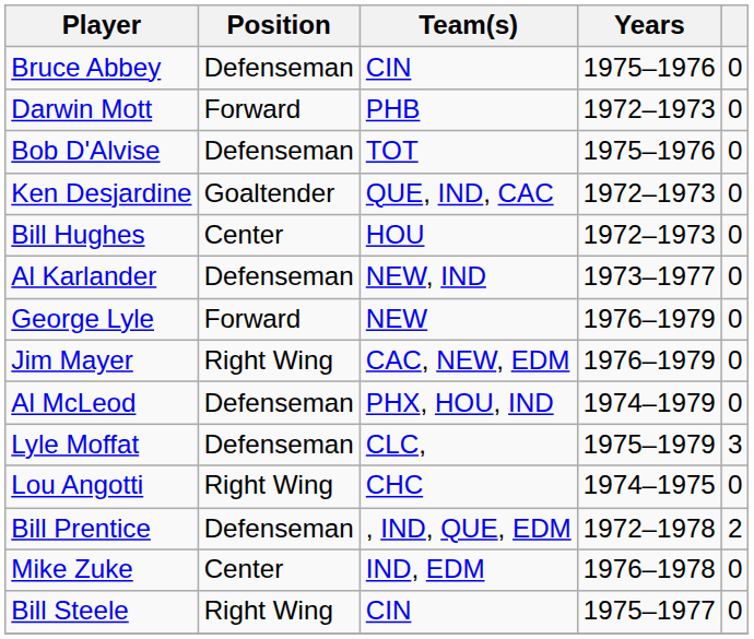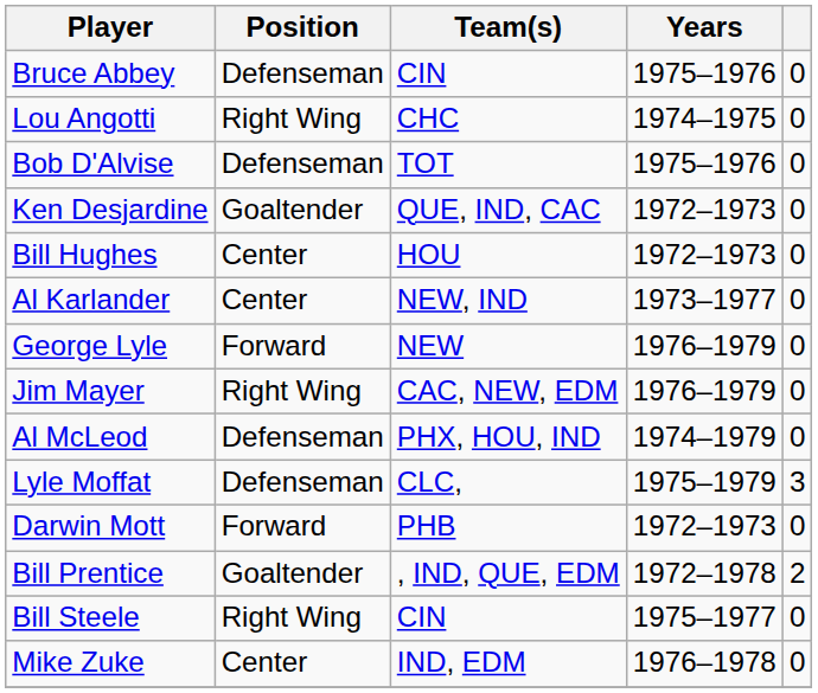 <table class="wikitable">
 <tr>
 <th>Player</th>
 <th>Position</th>
 <th>Team(s)</th>
 <th>Years</th>
 <th><a href='#'></a></th>
 </tr>
 <tr>
 <td><a href='#'>Bruce Abbey</a></td>
 <td>Defenseman</td>
 <td><a href='#'>CIN</a></td>
 <td>1975–1976</td>
 <td>0</td>
 </tr>
 <tr>
-<td><a href='#'>Darwin Mott</a></td>
-<td>Forward</td>
-<td><a href='#'>PHB</a></td>
-<td>1972–1973</td>
+<td><a href='#'>Lou Angotti</a></td>
+<td>Right Wing</td>
+<td><a href='#'>CHC</a></td>
+<td>1974–1975</td>
 <td>0</td>
 </tr>
 <tr>
 <td><a href='#'>Bob D'Alvise</a></td>
 <td>Defenseman</td>
 <td><a href='#'>TOT</a></td>
 <td>1975–1976</td>
 <td>0</td>
 </tr>
 <tr>
 <td><a href='#'>Ken Desjardine</a></td>
 <td>Goaltender</td>
 <td><a href='#'>QUE</a>, <a href='#'>IND</a>, <a href='#'>CAC</a></td>
 <td>1972–1973</td>
 <td>0</td>
 </tr>
 <tr>
 <td><a href='#'>Bill Hughes</a></td>
 <td>Center</td>
 <td><a href='#'>HOU</a></td>
 <td>1972–1973</td>
 <td>0</td>
 </tr>
 <tr>
 <td><a href='#'>Al Karlander</a></td>
-<td>Defenseman</td>
+<td>Center</td>
 <td><a href='#'>NEW</a>, <a href='#'>IND</a></td>
 <td>1973–1977</td>
 <td>0</td>
 </tr>
 <tr>
 <td><a href='#'>George Lyle</a></td>
 <td>Forward</td>
 <td><a href='#'>NEW</a></td>
 <td>1976–1979</td>
 <td>0</td>
 </tr>
 <tr>
 <td><a href='#'>Jim Mayer</a></td>
 <td>Right Wing</td>
 <td><a href='#'>CAC</a>, <a href='#'>NEW</a>, <a href='#'>EDM</a></td>
 <td>1976–1979</td>
 <td>0</td>
 </tr>
 <tr>
 <td><a href='#'>Al McLeod</a></td>
 <td>Defenseman</td>
 <td><a href='#'>PHX</a>, <a href='#'>HOU</a>, <a href='#'>IND</a></td>
 <td>1974–1979</td>
 <td>0</td>
 </tr>
 <tr>
 <td><a href='#'>Lyle Moffat</a></td>
 <td>Defenseman</td>
 <td><a href='#'>CLC</a>, <span><strong></strong></span></td>
 <td>1975–1979</td>
 <td>3</td>
 </tr>
 <tr>
-<td><a href='#'>Lou Angotti</a></td>
-<td>Right Wing</td>
-<td><a href='#'>CHC</a></td>
-<td>1974–1975</td>
+<td><a href='#'>Darwin Mott</a></td>
+<td>Forward</td>
+<td><a href='#'>PHB</a></td>
+<td>1972–1973</td>
 <td>0</td>
 </tr>
 <tr>
 <td><a href='#'>Bill Prentice</a></td>
-<td>Defenseman</td>
+<td>Goaltender</td>
 <td><span><strong></strong></span>, <a href='#'>IND</a>, <a href='#'>QUE</a>, <a href='#'>EDM</a></td>
 <td>1972–1978</td>
 <td>2</td>
+</tr>
+<tr>
+<td><a href='#'>Bill Steele</a></td>
+<td>Right Wing</td>
+<td><a href='#'>CIN</a></td>
+<td>1975–1977</td>
+<td>0</td>
 </tr>
 <tr>
 <td><a href='#'>Mike Zuke</a></td>
 <td>Center</td>
 <td><a href='#'>IND</a>, <a href='#'>EDM</a></td>
 <td>1976–1978</td>
 <td>0</td>
 </tr>
 <tr>
-<td><a href='#'>Bill Steele</a></td>
-<td>Right Wing</td>
-<td><a href='#'>CIN</a></td>
-<td>1975–1977</td>
-<td>0</td>
-</tr>
-<tr>
 </tr>
 </table>
